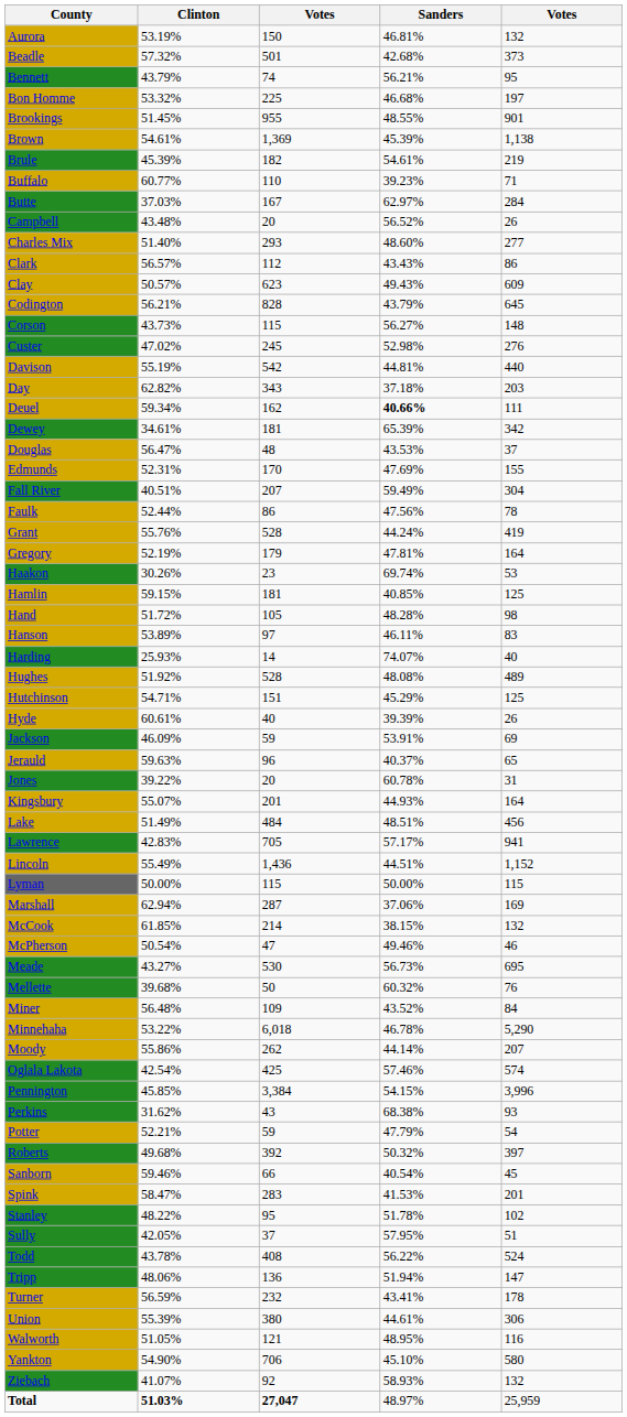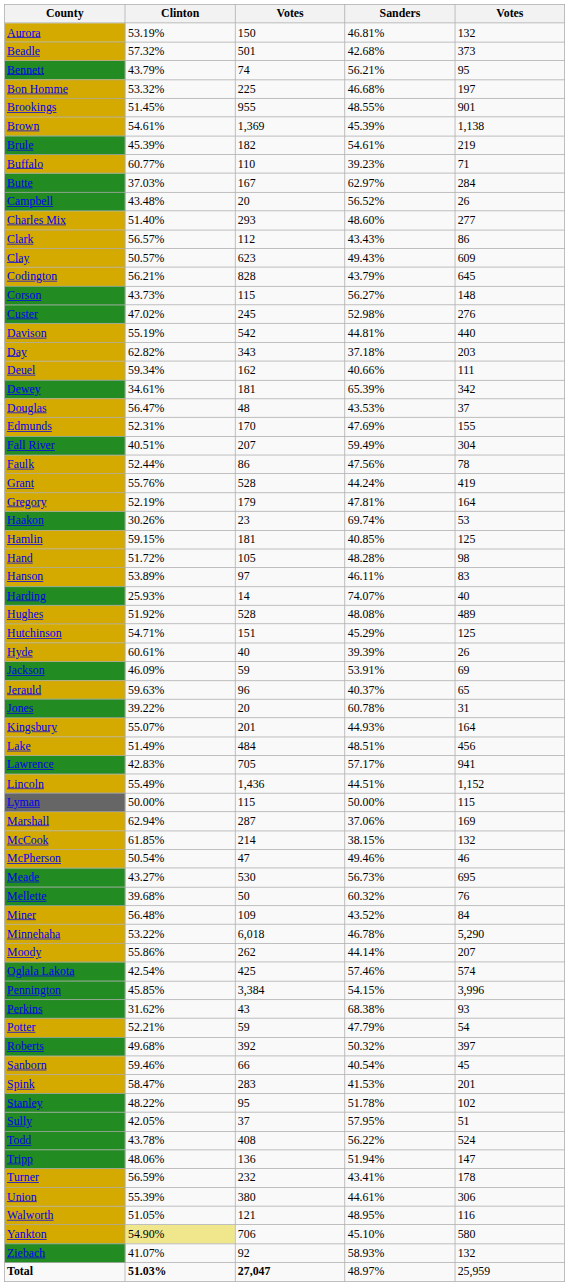 <table width="60%" class="wikitable sortable">
 <tr>
 <th width="11%">County</th>
 <th width="10%">Clinton</th>
 <th width="10%">Votes</th>
 <th width="10%">Sanders</th>
 <th width="10%">Votes</th>
 </tr>
 <tr>
 <td style="background:#D4AA00;"><a href='#'>Aurora</a></td>
 <td>53.19%</td>
 <td>150</td>
 <td>46.81%</td>
 <td>132</td>
 </tr>
 <tr>
 <td style="background:#D4AA00;"><a href='#'>Beadle</a></td>
 <td>57.32%</td>
 <td>501</td>
 <td>42.68%</td>
 <td>373</td>
 </tr>
 <tr>
 <td style="background:#228b22;"><a href='#'>Bennett</a></td>
 <td>43.79%</td>
 <td>74</td>
 <td>56.21%</td>
 <td>95</td>
 </tr>
 <tr>
 <td style="background:#D4AA00;"><a href='#'>Bon Homme</a></td>
 <td>53.32%</td>
 <td>225</td>
 <td>46.68%</td>
 <td>197</td>
 </tr>
 <tr>
 <td style="background:#D4AA00;"><a href='#'>Brookings</a></td>
 <td>51.45%</td>
 <td>955</td>
 <td>48.55%</td>
 <td>901</td>
 </tr>
 <tr>
 <td style="background:#D4AA00;"><a href='#'>Brown</a></td>
 <td>54.61%</td>
 <td>1,369</td>
 <td>45.39%</td>
 <td>1,138</td>
 </tr>
 <tr>
 <td style="background:#228b22;"><a href='#'>Brule</a></td>
 <td>45.39%</td>
 <td>182</td>
 <td>54.61%</td>
 <td>219</td>
 </tr>
 <tr>
 <td style="background:#D4AA00;"><a href='#'>Buffalo</a></td>
 <td>60.77%</td>
 <td>110</td>
 <td>39.23%</td>
 <td>71</td>
 </tr>
 <tr>
 <td style="background:#228b22;"><a href='#'>Butte</a></td>
 <td>37.03%</td>
 <td>167</td>
 <td>62.97%</td>
 <td>284</td>
 </tr>
 <tr>
 <td style="background:#228b22;"><a href='#'>Campbell</a></td>
 <td>43.48%</td>
 <td>20</td>
 <td>56.52%</td>
 <td>26</td>
 </tr>
 <tr>
 <td style="background:#D4AA00;"><a href='#'>Charles Mix</a></td>
 <td>51.40%</td>
 <td>293</td>
 <td>48.60%</td>
 <td>277</td>
 </tr>
 <tr>
 <td style="background:#D4AA00;"><a href='#'>Clark</a></td>
 <td>56.57%</td>
 <td>112</td>
 <td>43.43%</td>
 <td>86</td>
 </tr>
 <tr>
 <td style="background:#D4AA00;"><a href='#'>Clay</a></td>
 <td>50.57%</td>
 <td>623</td>
 <td>49.43%</td>
 <td>609</td>
 </tr>
 <tr>
 <td style="background:#D4AA00;"><a href='#'>Codington</a></td>
 <td>56.21%</td>
 <td>828</td>
 <td>43.79%</td>
 <td>645</td>
 </tr>
 <tr>
 <td style="background:#228b22;"><a href='#'>Corson</a></td>
 <td>43.73%</td>
 <td>115</td>
 <td>56.27%</td>
 <td>148</td>
 </tr>
 <tr>
 <td style="background:#228b22;"><a href='#'>Custer</a></td>
 <td>47.02%</td>
 <td>245</td>
 <td>52.98%</td>
 <td>276</td>
 </tr>
 <tr>
 <td style="background:#D4AA00;"><a href='#'>Davison</a></td>
 <td>55.19%</td>
 <td>542</td>
 <td>44.81%</td>
 <td>440</td>
 </tr>
 <tr>
 <td style="background:#D4AA00;"><a href='#'>Day</a></td>
 <td>62.82%</td>
 <td>343</td>
 <td>37.18%</td>
 <td>203</td>
 </tr>
 <tr>
 <td style="background:#D4AA00;"><a href='#'>Deuel</a></td>
 <td>59.34%</td>
 <td>162</td>
-<td><strong>40.66%</strong></td>
+<td>40.66%</td>
 <td>111</td>
 </tr>
 <tr>
 <td style="background:#228b22;"><a href='#'>Dewey</a></td>
 <td>34.61%</td>
 <td>181</td>
 <td>65.39%</td>
 <td>342</td>
 </tr>
 <tr>
 <td style="background:#D4AA00;"><a href='#'>Douglas</a></td>
 <td>56.47%</td>
 <td>48</td>
 <td>43.53%</td>
 <td>37</td>
 </tr>
 <tr>
 <td style="background:#D4AA00;"><a href='#'>Edmunds</a></td>
 <td>52.31%</td>
 <td>170</td>
 <td>47.69%</td>
 <td>155</td>
 </tr>
 <tr>
 <td style="background:#228b22;"><a href='#'>Fall River</a></td>
 <td>40.51%</td>
 <td>207</td>
 <td>59.49%</td>
 <td>304</td>
 </tr>
 <tr>
 <td style="background:#D4AA00;"><a href='#'>Faulk</a></td>
 <td>52.44%</td>
 <td>86</td>
 <td>47.56%</td>
 <td>78</td>
 </tr>
 <tr>
 <td style="background:#D4AA00;"><a href='#'>Grant</a></td>
 <td>55.76%</td>
 <td>528</td>
 <td>44.24%</td>
 <td>419</td>
 </tr>
 <tr>
 <td style="background:#D4AA00;"><a href='#'>Gregory</a></td>
 <td>52.19%</td>
 <td>179</td>
 <td>47.81%</td>
 <td>164</td>
 </tr>
 <tr>
 <td style="background:#228b22;"><a href='#'>Haakon</a></td>
 <td>30.26%</td>
 <td>23</td>
 <td>69.74%</td>
 <td>53</td>
 </tr>
 <tr>
 <td style="background:#D4AA00;"><a href='#'>Hamlin</a></td>
 <td>59.15%</td>
 <td>181</td>
 <td>40.85%</td>
 <td>125</td>
 </tr>
 <tr>
 <td style="background:#D4AA00;"><a href='#'>Hand</a></td>
 <td>51.72%</td>
 <td>105</td>
 <td>48.28%</td>
 <td>98</td>
 </tr>
 <tr>
 <td style="background:#D4AA00;"><a href='#'>Hanson</a></td>
 <td>53.89%</td>
 <td>97</td>
 <td>46.11%</td>
 <td>83</td>
 </tr>
 <tr>
 <td style="background:#228b22;"><a href='#'>Harding</a></td>
 <td>25.93%</td>
 <td>14</td>
 <td>74.07%</td>
 <td>40</td>
 </tr>
 <tr>
 <td style="background:#D4AA00;"><a href='#'>Hughes</a></td>
 <td>51.92%</td>
 <td>528</td>
 <td>48.08%</td>
 <td>489</td>
 </tr>
 <tr>
 <td style="background:#D4AA00;"><a href='#'>Hutchinson</a></td>
 <td>54.71%</td>
 <td>151</td>
 <td>45.29%</td>
 <td>125</td>
 </tr>
 <tr>
 <td style="background:#D4AA00;"><a href='#'>Hyde</a></td>
 <td>60.61%</td>
 <td>40</td>
 <td>39.39%</td>
 <td>26</td>
 </tr>
 <tr>
 <td style="background:#228b22;"><a href='#'>Jackson</a></td>
 <td>46.09%</td>
 <td>59</td>
 <td>53.91%</td>
 <td>69</td>
 </tr>
 <tr>
 <td style="background:#D4AA00;"><a href='#'>Jerauld</a></td>
 <td>59.63%</td>
 <td>96</td>
 <td>40.37%</td>
 <td>65</td>
 </tr>
 <tr>
 <td style="background:#228b22;"><a href='#'>Jones</a></td>
 <td>39.22%</td>
 <td>20</td>
 <td>60.78%</td>
 <td>31</td>
 </tr>
 <tr>
 <td style="background:#D4AA00;"><a href='#'>Kingsbury</a></td>
 <td>55.07%</td>
 <td>201</td>
 <td>44.93%</td>
 <td>164</td>
 </tr>
 <tr>
 <td style="background:#D4AA00;"><a href='#'>Lake</a></td>
 <td>51.49%</td>
 <td>484</td>
 <td>48.51%</td>
 <td>456</td>
 </tr>
 <tr>
 <td style="background:#228b22;"><a href='#'>Lawrence</a></td>
 <td>42.83%</td>
 <td>705</td>
 <td>57.17%</td>
 <td>941</td>
 </tr>
 <tr>
 <td style="background:#D4AA00;"><a href='#'>Lincoln</a></td>
 <td>55.49%</td>
 <td>1,436</td>
 <td>44.51%</td>
 <td>1,152</td>
 </tr>
 <tr>
 <td style="background:#666666;"><a href='#'>Lyman</a></td>
 <td>50.00%</td>
 <td>115</td>
 <td>50.00%</td>
 <td>115</td>
 </tr>
 <tr>
 <td style="background:#D4AA00;"><a href='#'>Marshall</a></td>
 <td>62.94%</td>
 <td>287</td>
 <td>37.06%</td>
 <td>169</td>
 </tr>
 <tr>
 <td style="background:#D4AA00;"><a href='#'>McCook</a></td>
 <td>61.85%</td>
 <td>214</td>
 <td>38.15%</td>
 <td>132</td>
 </tr>
 <tr>
 <td style="background:#D4AA00;"><a href='#'>McPherson</a></td>
 <td>50.54%</td>
 <td>47</td>
 <td>49.46%</td>
 <td>46</td>
 </tr>
 <tr>
 <td style="background:#228b22;"><a href='#'>Meade</a></td>
 <td>43.27%</td>
 <td>530</td>
 <td>56.73%</td>
 <td>695</td>
 </tr>
 <tr>
 <td style="background:#228b22;"><a href='#'>Mellette</a></td>
 <td>39.68%</td>
 <td>50</td>
 <td>60.32%</td>
 <td>76</td>
 </tr>
 <tr>
 <td style="background:#D4AA00;"><a href='#'>Miner</a></td>
 <td>56.48%</td>
 <td>109</td>
 <td>43.52%</td>
 <td>84</td>
 </tr>
 <tr>
 <td style="background:#D4AA00;"><a href='#'>Minnehaha</a></td>
 <td>53.22%</td>
 <td>6,018</td>
 <td>46.78%</td>
 <td>5,290</td>
 </tr>
 <tr>
 <td style="background:#D4AA00;"><a href='#'>Moody</a></td>
 <td>55.86%</td>
 <td>262</td>
 <td>44.14%</td>
 <td>207</td>
 </tr>
 <tr>
 <td style="background:#228b22;"><a href='#'>Oglala Lakota</a></td>
 <td>42.54%</td>
 <td>425</td>
 <td>57.46%</td>
 <td>574</td>
 </tr>
 <tr>
 <td style="background:#228b22;"><a href='#'>Pennington</a></td>
 <td>45.85%</td>
 <td>3,384</td>
 <td>54.15%</td>
 <td>3,996</td>
 </tr>
 <tr>
 <td style="background:#228b22;"><a href='#'>Perkins</a></td>
 <td>31.62%</td>
 <td>43</td>
 <td>68.38%</td>
 <td>93</td>
 </tr>
 <tr>
 <td style="background:#D4AA00;"><a href='#'>Potter</a></td>
 <td>52.21%</td>
 <td>59</td>
 <td>47.79%</td>
 <td>54</td>
 </tr>
 <tr>
 <td style="background:#228b22;"><a href='#'>Roberts</a></td>
 <td>49.68%</td>
 <td>392</td>
 <td>50.32%</td>
 <td>397</td>
 </tr>
 <tr>
 <td style="background:#D4AA00;"><a href='#'>Sanborn</a></td>
 <td>59.46%</td>
 <td>66</td>
 <td>40.54%</td>
 <td>45</td>
 </tr>
 <tr>
 <td style="background:#D4AA00;"><a href='#'>Spink</a></td>
 <td>58.47%</td>
 <td>283</td>
 <td>41.53%</td>
 <td>201</td>
 </tr>
 <tr>
 <td style="background:#228b22;"><a href='#'>Stanley</a></td>
 <td>48.22%</td>
 <td>95</td>
 <td>51.78%</td>
 <td>102</td>
 </tr>
 <tr>
 <td style="background:#228b22;"><a href='#'>Sully</a></td>
 <td>42.05%</td>
 <td>37</td>
 <td>57.95%</td>
 <td>51</td>
 </tr>
 <tr>
 <td style="background:#228b22;"><a href='#'>Todd</a></td>
 <td>43.78%</td>
 <td>408</td>
 <td>56.22%</td>
 <td>524</td>
 </tr>
 <tr>
 <td style="background:#228b22;"><a href='#'>Tripp</a></td>
 <td>48.06%</td>
 <td>136</td>
 <td>51.94%</td>
 <td>147</td>
 </tr>
 <tr>
 <td style="background:#D4AA00;"><a href='#'>Turner</a></td>
 <td>56.59%</td>
 <td>232</td>
 <td>43.41%</td>
 <td>178</td>
 </tr>
 <tr>
 <td style="background:#D4AA00;"><a href='#'>Union</a></td>
 <td>55.39%</td>
 <td>380</td>
 <td>44.61%</td>
 <td>306</td>
 </tr>
 <tr>
 <td style="background:#D4AA00;"><a href='#'>Walworth</a></td>
 <td>51.05%</td>
 <td>121</td>
 <td>48.95%</td>
 <td>116</td>
 </tr>
 <tr>
 <td style="background:#D4AA00;"><a href='#'>Yankton</a></td>
-<td>54.90%</td>
+<td style="background: khaki;">54.90%</td>
 <td>706</td>
 <td>45.10%</td>
 <td>580</td>
 </tr>
 <tr>
 <td style="background:#228b22;"><a href='#'>Ziebach</a></td>
 <td>41.07%</td>
 <td>92</td>
 <td>58.93%</td>
 <td>132</td>
 </tr>
 <tr>
 <td><strong>Total</strong></td>
 <td><strong>51.03%</strong></td>
 <td><strong>27,047</strong></td>
 <td>48.97%</td>
 <td>25,959</td>
 </tr>
 </table>
